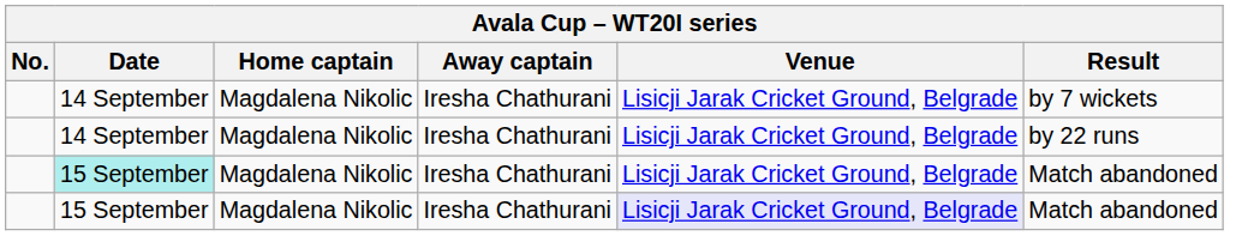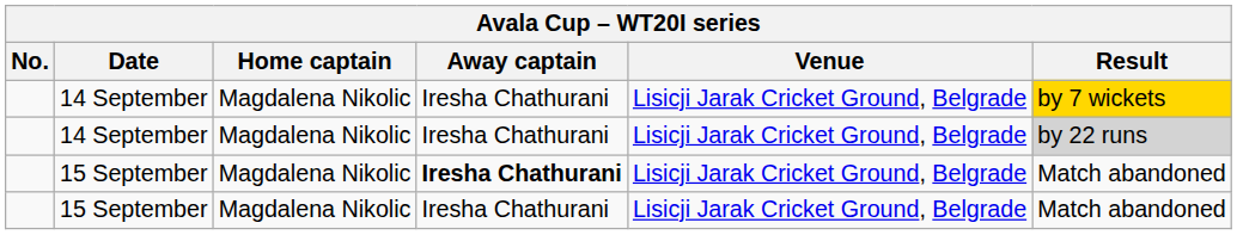 <table class="wikitable">
 <tr>
 <th colspan="6">Avala Cup – WT20I series</th>
 </tr>
 <tr>
 <th>No.</th>
 <th>Date</th>
 <th>Home captain</th>
 <th>Away captain</th>
 <th>Venue</th>
 <th>Result</th>
 </tr>
 <tr>
 <td></td>
 <td>14 September</td>
 <td>Magdalena Nikolic</td>
 <td>Iresha Chathurani</td>
 <td><a href='#'>Lisicji Jarak Cricket Ground</a>, <a href='#'>Belgrade</a></td>
-<td> by 7 wickets</td>
+<td style="background: gold;"> by 7 wickets</td>
 </tr>
 <tr>
 <td></td>
 <td>14 September</td>
 <td>Magdalena Nikolic</td>
 <td>Iresha Chathurani</td>
 <td><a href='#'>Lisicji Jarak Cricket Ground</a>, <a href='#'>Belgrade</a></td>
-<td> by 22 runs</td>
+<td style="background: lightgrey;"> by 22 runs</td>
 </tr>
 <tr>
 <td></td>
-<td style="background: paleturquoise;">15 September</td>
+<td>15 September</td>
 <td>Magdalena Nikolic</td>
-<td>Iresha Chathurani</td>
+<td><strong>Iresha Chathurani</strong></td>
 <td><a href='#'>Lisicji Jarak Cricket Ground</a>, <a href='#'>Belgrade</a></td>
 <td>Match abandoned</td>
 </tr>
 <tr>
 <td></td>
 <td>15 September</td>
 <td>Magdalena Nikolic</td>
 <td>Iresha Chathurani</td>
-<td style="background: lavender;"><a href='#'>Lisicji Jarak Cricket Ground</a>, <a href='#'>Belgrade</a></td>
+<td><a href='#'>Lisicji Jarak Cricket Ground</a>, <a href='#'>Belgrade</a></td>
 <td>Match abandoned</td>
 </tr>
 </table>
